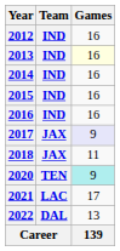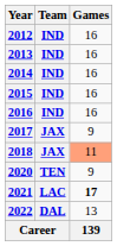 <table class="wikitable" style="text-align: center;">
 <tr>
 <th>Year</th>
 <th>Team</th>
 <th>Games</th>
 </tr>
 <tr>
 <th><a href='#'>2012</a></th>
 <th><a href='#'>IND</a></th>
 <td>16</td>
 </tr>
 <tr>
 <th><a href='#'>2013</a></th>
 <th><a href='#'>IND</a></th>
-<td style="background: lightyellow;">16</td>
+<td>16</td>
 </tr>
 <tr>
 <th><a href='#'>2014</a></th>
 <th><a href='#'>IND</a></th>
 <td>16</td>
 </tr>
 <tr>
 <th><a href='#'>2015</a></th>
 <th><a href='#'>IND</a></th>
 <td>16</td>
 </tr>
 <tr>
 <th><a href='#'>2016</a></th>
 <th><a href='#'>IND</a></th>
 <td>16</td>
 </tr>
 <tr>
 <th><a href='#'>2017</a></th>
 <th><a href='#'>JAX</a></th>
-<td style="background: lavender;">9</td>
+<td>9</td>
 </tr>
 <tr>
 <th><a href='#'>2018</a></th>
 <th><a href='#'>JAX</a></th>
-<td>11</td>
+<td style="background: lightsalmon;">11</td>
 </tr>
 <tr>
 <th><a href='#'>2020</a></th>
 <th><a href='#'>TEN</a></th>
-<td style="background: paleturquoise;">9</td>
+<td>9</td>
 </tr>
 <tr>
 <th><a href='#'>2021</a></th>
 <th><a href='#'>LAC</a></th>
-<td>17</td>
+<td><strong>17</strong></td>
 </tr>
 <tr>
 <th><a href='#'>2022</a></th>
 <th><a href='#'>DAL</a></th>
 <td>13</td>
 </tr>
 <tr>
 <th colspan="2">Career</th>
 <th>139</th>
 </tr>
 </table>
